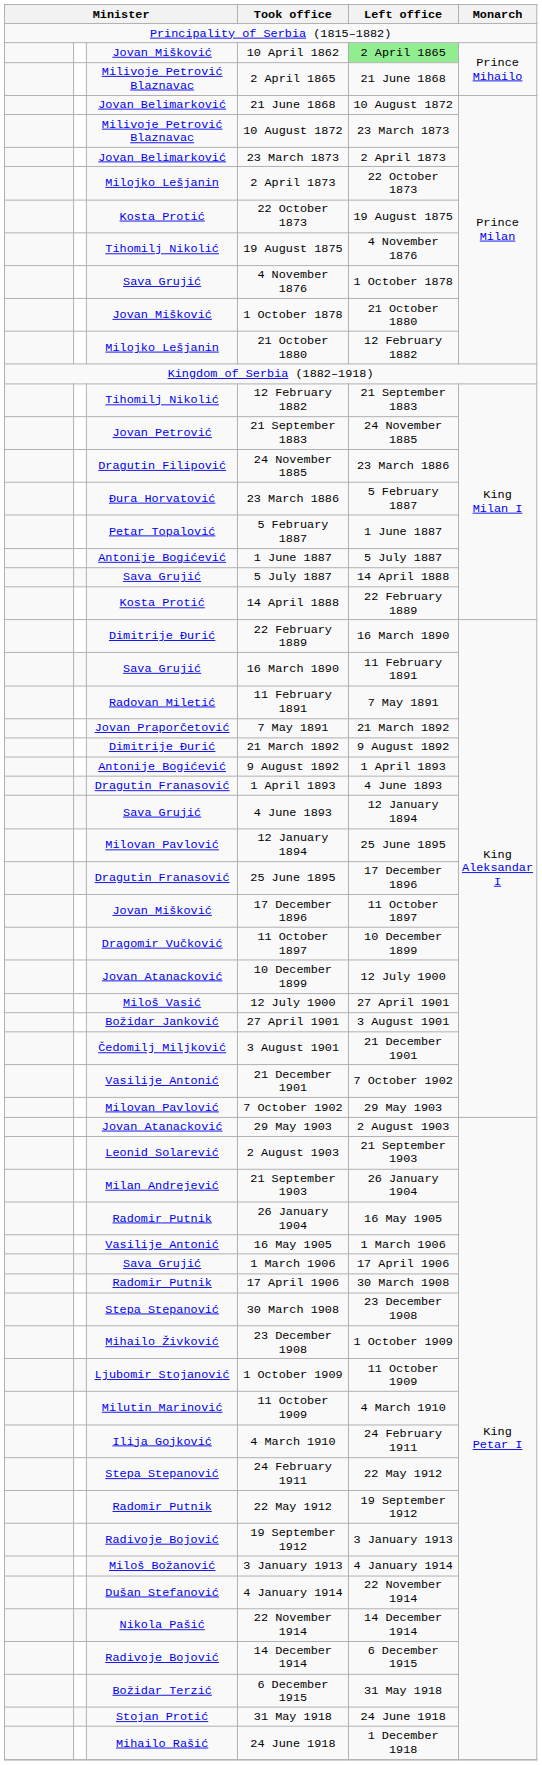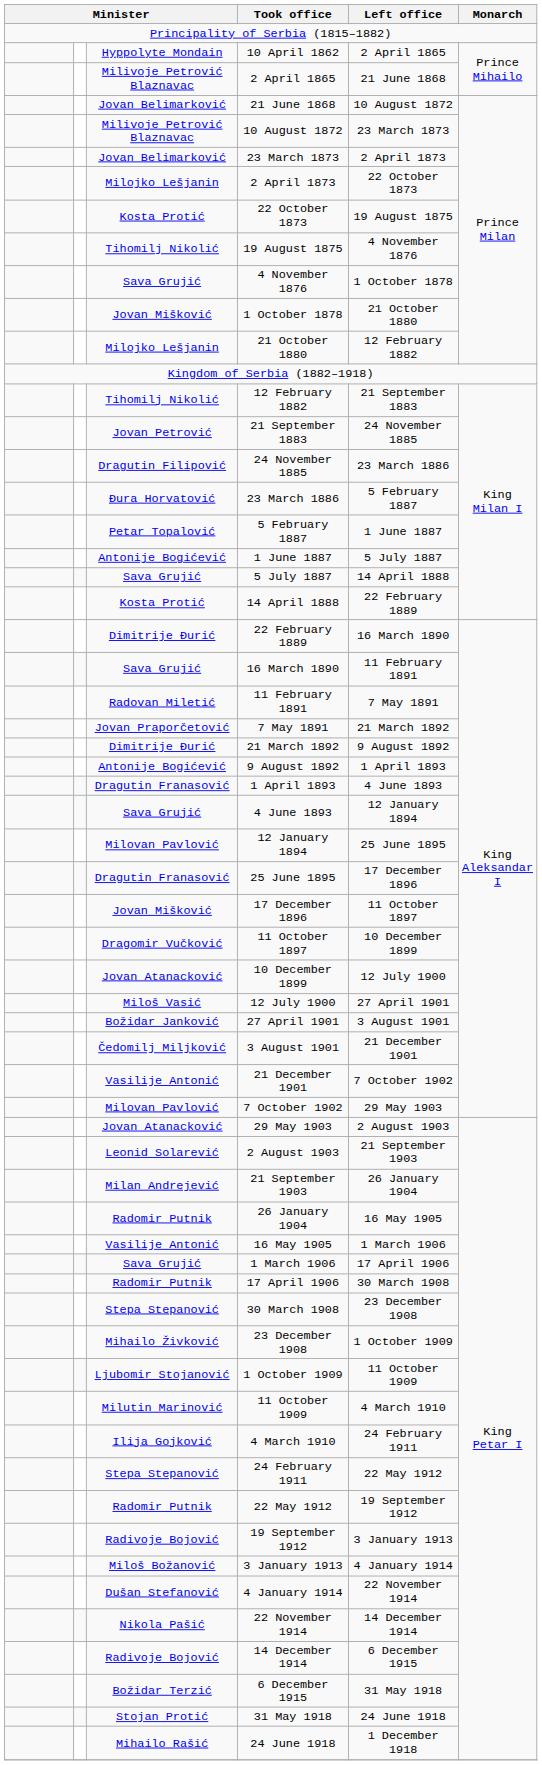 <table class="wikitable" style="text-align:center;">
 <tr>
 <th colspan=3 width="240px">Minister<br></th>
 <th width="115px">Took office</th>
 <th width="115px">Left office</th>
 <th width="80px">Monarch</th>
 </tr>
 <tr>
 <td colspan="9"><a href='#'>Principality of Serbia</a> (1815–1882)</td>
 </tr>
 <tr>
 <td width="70px"></td>
 <td width="5px" style="background: #FFFFFF;"> </td>
-<td width="160px"><a href='#'>Jovan Mišković</a><br></td>
+<td width="160px"><a href='#'>Hyppolyte Mondain</a><br></td>
 <td>10 April 1862</td>
-<td style="background: lightgreen;">2 April 1865</td>
+<td>2 April 1865</td>
 <td rowspan="2">Prince<br><a href='#'>Mihailo</a></td>
 </tr>
 <tr>
 <td width="70px"></td>
 <td width="5px" style="background: #FFFFFF;"> </td>
 <td width="160px"><a href='#'>Milivoje Petrović Blaznavac</a><br></td>
 <td>2 April 1865</td>
 <td>21 June 1868</td>
 </tr>
 <tr>
 <td width="70px"></td>
 <td width="5px" style="background: #FFFFFF;"> </td>
 <td width="160px"><a href='#'>Jovan Belimarković</a><br></td>
 <td>21 June 1868</td>
 <td>10 August 1872</td>
 <td rowspan="9">Prince<br><a href='#'>Milan</a></td>
 </tr>
 <tr>
 <td width="70px"></td>
 <td width="5px" style="background: #FFFFFF;"> </td>
 <td width="160px"><a href='#'>Milivoje Petrović Blaznavac</a><br></td>
 <td>10 August 1872</td>
 <td>23 March 1873</td>
 </tr>
 <tr>
 <td width="70px"></td>
 <td width="5px" style="background: #FFFFFF;"> </td>
 <td width="160px"><a href='#'>Jovan Belimarković</a><br></td>
 <td>23 March 1873</td>
 <td>2 April 1873</td>
 </tr>
 <tr>
 <td width="70px"></td>
 <td width="5px" style="background: #FFFFFF;"> </td>
 <td width="160px"><a href='#'>Milojko Lešjanin</a><br></td>
 <td>2 April 1873</td>
 <td>22 October 1873</td>
 </tr>
 <tr>
 <td width="70px"></td>
 <td width="5px" style="background: #FFFFFF;"> </td>
 <td width="160px"><a href='#'>Kosta Protić</a><br></td>
 <td>22 October 1873</td>
 <td>19 August 1875</td>
 </tr>
 <tr>
 <td width="70px"></td>
 <td width="5px" style="background: #FFFFFF;"> </td>
 <td width="160px"><a href='#'>Tihomilj Nikolić</a><br></td>
 <td>19 August 1875</td>
 <td>4 November 1876</td>
 </tr>
 <tr>
 <td width="70px"></td>
 <td width="5px" style="background: #FFFFFF;"> </td>
 <td width="160px"><a href='#'>Sava Grujić</a><br></td>
 <td>4 November 1876</td>
 <td>1 October 1878</td>
 </tr>
 <tr>
 <td width="70px"></td>
 <td width="5px" style="background: #FFFFFF;"> </td>
 <td width="160px"><a href='#'>Jovan Mišković</a><br></td>
 <td>1 October 1878</td>
 <td>21 October 1880</td>
 </tr>
 <tr>
 <td width="70px"></td>
 <td width="5px" style="background: #FFFFFF;"> </td>
 <td width="160px"><a href='#'>Milojko Lešjanin</a><br></td>
 <td>21 October 1880</td>
 <td>12 February 1882</td>
 </tr>
 <tr>
 <td colspan="9"><a href='#'>Kingdom of Serbia</a> (1882–1918)</td>
 </tr>
 <tr>
 <td width="70px"></td>
 <td width="5px" style="background: #FFFFFF;"> </td>
 <td width="160px"><a href='#'>Tihomilj Nikolić</a><br></td>
 <td>12 February 1882</td>
 <td>21 September 1883</td>
 <td rowspan="8">King<br><a href='#'>Milan I</a></td>
 </tr>
 <tr>
 <td width="70px"></td>
 <td width="5px" style="background: #FFFFFF;"> </td>
 <td width="160px"><a href='#'>Jovan Petrović</a><br></td>
 <td>21 September 1883</td>
 <td>24 November 1885</td>
 </tr>
 <tr>
 <td width="70px"></td>
 <td width="5px" style="background: #FFFFFF;"> </td>
 <td width="160px"><a href='#'>Dragutin Filipović</a><br></td>
 <td>24 November 1885</td>
 <td>23 March 1886</td>
 </tr>
 <tr>
 <td width="70px"></td>
 <td width="5px" style="background: #FFFFFF;"> </td>
 <td width="160px"><a href='#'>Đura Horvatović</a><br></td>
 <td>23 March 1886</td>
 <td>5 February 1887</td>
 </tr>
 <tr>
 <td width="70px"></td>
 <td width="5px" style="background: #FFFFFF;"> </td>
 <td width="160px"><a href='#'>Petar Topalović</a><br></td>
 <td>5 February 1887</td>
 <td>1 June 1887</td>
 </tr>
 <tr>
 <td width="70px"></td>
 <td width="5px" style="background: #FFFFFF;"> </td>
 <td width="160px"><a href='#'>Antonije Bogićević</a><br></td>
 <td>1 June 1887</td>
 <td>5 July 1887</td>
 </tr>
 <tr>
 <td width="70px"></td>
 <td width="5px" style="background: "> </td>
 <td width="160px"><a href='#'>Sava Grujić</a><br></td>
 <td>5 July 1887</td>
 <td>14 April 1888</td>
 </tr>
 <tr>
 <td width="70px"></td>
 <td width="5px" style="background: #FFFFFF;"> </td>
 <td width="160px"><a href='#'>Kosta Protić</a><br></td>
 <td>14 April 1888</td>
 <td>22 February 1889</td>
 </tr>
 <tr>
 <td width="70px"></td>
 <td width="5px" style="background: #FFFFFF;"> </td>
 <td width="160px"><a href='#'>Dimitrije Đurić</a><br></td>
 <td>22 February 1889</td>
 <td>16 March 1890</td>
 <td rowspan="18">King<br><a href='#'>Aleksandar I</a></td>
 </tr>
 <tr>
 <td width="70px"></td>
 <td width="5px" style="background: "> </td>
 <td width="160px"><a href='#'>Sava Grujić</a><br></td>
 <td>16 March 1890</td>
 <td>11 February 1891</td>
 </tr>
 <tr>
 <td width="70px"></td>
 <td width="5px" style="background: #FFFFFF;"> </td>
 <td width="160px"><a href='#'>Radovan Miletić</a><br></td>
 <td>11 February 1891</td>
 <td>7 May 1891</td>
 </tr>
 <tr>
 <td width="70px"></td>
 <td width="5px" style="background: #FFFFFF;"> </td>
 <td width="160px"><a href='#'>Jovan Praporčetović</a><br></td>
 <td>7 May 1891</td>
 <td>21 March 1892</td>
 </tr>
 <tr>
 <td width="70px"></td>
 <td width="5px" style="background: #FFFFFF;"> </td>
 <td width="160px"><a href='#'>Dimitrije Đurić</a><br></td>
 <td>21 March 1892</td>
 <td>9 August 1892</td>
 </tr>
 <tr>
 <td width="70px"></td>
 <td width="5px" style="background: #FFFFFF;"> </td>
 <td width="160px"><a href='#'>Antonije Bogićević</a><br></td>
 <td>9 August 1892</td>
 <td>1 April 1893</td>
 </tr>
 <tr>
 <td width="70px"></td>
 <td width="5px" style="background: "> </td>
 <td width="160px"><a href='#'>Dragutin Franasović</a><br></td>
 <td>1 April 1893</td>
 <td>4 June 1893</td>
 </tr>
 <tr>
 <td width="70px"></td>
 <td width="5px" style="background: "> </td>
 <td width="160px"><a href='#'>Sava Grujić</a><br></td>
 <td>4 June 1893</td>
 <td>12 January 1894</td>
 </tr>
 <tr>
 <td width="70px"></td>
 <td width="5px" style="background: #FFFFFF;"> </td>
 <td width="160px"><a href='#'>Milovan Pavlović</a><br></td>
 <td>12 January 1894</td>
 <td>25 June 1895</td>
 </tr>
 <tr>
 <td width="70px"></td>
 <td width="5px" style="background: "> </td>
 <td width="160px"><a href='#'>Dragutin Franasović</a><br></td>
 <td>25 June 1895</td>
 <td>17 December 1896</td>
 </tr>
 <tr>
 <td width="70px"></td>
 <td width="5px" style="background: #FFFFFF;"> </td>
 <td width="160px"><a href='#'>Jovan Mišković</a><br></td>
 <td>17 December 1896</td>
 <td>11 October 1897</td>
 </tr>
 <tr>
 <td width="70px"></td>
 <td width="5px" style="background: #FFFFFF;"> </td>
 <td width="160px"><a href='#'>Dragomir Vučković</a><br></td>
 <td>11 October 1897</td>
 <td>10 December 1899</td>
 </tr>
 <tr>
 <td width="70px"></td>
 <td width="5px" style="background: #FFFFFF;"> </td>
 <td width="160px"><a href='#'>Jovan Atanacković</a><br></td>
 <td>10 December 1899</td>
 <td>12 July 1900</td>
 </tr>
 <tr>
 <td width="70px"></td>
 <td width="5px" style="background: #FFFFFF;"> </td>
 <td width="160px"><a href='#'>Miloš Vasić</a><br></td>
 <td>12 July 1900</td>
 <td>27 April 1901</td>
 </tr>
 <tr>
 <td width="70px"></td>
 <td width="5px" style="background: #FFFFFF;"> </td>
 <td width="160px"><a href='#'>Božidar Janković</a><br></td>
 <td>27 April 1901</td>
 <td>3 August 1901</td>
 </tr>
 <tr>
 <td width="70px"></td>
 <td width="5px" style="background: #FFFFFF;"> </td>
 <td width="160px"><a href='#'>Čedomilj Miljković</a><br></td>
 <td>3 August 1901</td>
 <td>21 December 1901</td>
 </tr>
 <tr>
 <td width="70px"></td>
 <td width="5px" style="background: #FFFFFF;"> </td>
 <td width="160px"><a href='#'>Vasilije Antonić</a><br></td>
 <td>21 December 1901</td>
 <td>7 October 1902</td>
 </tr>
 <tr>
 <td width="70px"></td>
 <td width="5px" style="background: #FFFFFF;"> </td>
 <td width="160px"><a href='#'>Milovan Pavlović</a><br></td>
 <td>7 October 1902</td>
 <td>29 May 1903</td>
 </tr>
 <tr>
 <td width="70px"></td>
 <td width="5px" style="background: #FFFFFF;"> </td>
 <td width="160px"><a href='#'>Jovan Atanacković</a><br></td>
 <td>29 May 1903</td>
 <td>2 August 1903</td>
 <td rowspan="22">King<br><a href='#'>Petar I</a></td>
 </tr>
 <tr>
 <td width="70px"></td>
 <td width="5px" style="background: #FFFFFF;"> </td>
 <td width="160px"><a href='#'>Leonid Solarević</a><br></td>
 <td>2 August 1903</td>
 <td>21 September 1903</td>
 </tr>
 <tr>
 <td width="70px"></td>
 <td width="5px" style="background: #FFFFFF;"> </td>
 <td width="160px"><a href='#'>Milan Andrejević</a><br></td>
 <td>21 September 1903</td>
 <td>26 January 1904</td>
 </tr>
 <tr>
 <td width="70px"></td>
 <td width="5px" style="background: #FFFFFF;"> </td>
 <td width="160px"><a href='#'>Radomir Putnik</a><br></td>
 <td>26 January 1904</td>
 <td>16 May 1905</td>
 </tr>
 <tr>
 <td width="70px"></td>
 <td width="5px" style="background: #FFFFFF;"> </td>
 <td width="160px"><a href='#'>Vasilije Antonić</a><br></td>
 <td>16 May 1905</td>
 <td>1 March 1906</td>
 </tr>
 <tr>
 <td width="70px"></td>
 <td width="5px" style="background: "> </td>
 <td width="160px"><a href='#'>Sava Grujić</a><br></td>
 <td>1 March 1906</td>
 <td>17 April 1906</td>
 </tr>
 <tr>
 <td width="70px"></td>
 <td width="5px" style="background: #FFFFFF;"> </td>
 <td width="160px"><a href='#'>Radomir Putnik</a><br></td>
 <td>17 April 1906</td>
 <td>30 March 1908</td>
 </tr>
 <tr>
 <td width="70px"></td>
 <td width="5px" style="background: #FFFFFF;"> </td>
 <td width="160px"><a href='#'>Stepa Stepanović</a><br></td>
 <td>30 March 1908</td>
 <td>23 December 1908</td>
 </tr>
 <tr>
 <td width="70px"></td>
 <td width="5px" style="background: #FFFFFF;"> </td>
 <td width="160px"><a href='#'>Mihailo Živković</a><br></td>
 <td>23 December 1908</td>
 <td>1 October 1909</td>
 </tr>
 <tr>
 <td width="70px"></td>
 <td width="5px" style="background: "> </td>
 <td width="160px"><a href='#'>Ljubomir Stojanović</a><br></td>
 <td>1 October 1909</td>
 <td>11 October 1909</td>
 </tr>
 <tr>
 <td width="70px"></td>
 <td width="5px" style="background: #FFFFFF;"> </td>
 <td width="160px"><a href='#'>Milutin Marinović</a><br></td>
 <td>11 October 1909</td>
 <td>4 March 1910</td>
 </tr>
 <tr>
 <td width="70px"></td>
 <td width="5px" style="background: #FFFFFF;"> </td>
 <td width="160px"><a href='#'>Ilija Gojković</a><br></td>
 <td>4 March 1910</td>
 <td>24 February 1911</td>
 </tr>
 <tr>
 <td width="70px"></td>
 <td width="5px" style="background: #FFFFFF;"> </td>
 <td width="160px"><a href='#'>Stepa Stepanović</a><br></td>
 <td>24 February 1911</td>
 <td>22 May 1912</td>
 </tr>
 <tr>
 <td width="70px"></td>
 <td width="5px" style="background: #FFFFFF;"> </td>
 <td width="160px"><a href='#'>Radomir Putnik</a><br></td>
 <td>22 May 1912</td>
 <td>19 September 1912</td>
 </tr>
 <tr>
 <td width="70px"></td>
 <td width="5px" style="background: #FFFFFF;"> </td>
 <td width="160px"><a href='#'>Radivoje Bojović</a><br></td>
 <td>19 September 1912</td>
 <td>3 January 1913</td>
 </tr>
 <tr>
 <td width="70px"></td>
 <td width="5px" style="background: #FFFFFF;"> </td>
 <td width="160px"><a href='#'>Miloš Božanović</a><br></td>
 <td>3 January 1913</td>
 <td>4 January 1914</td>
 </tr>
 <tr>
 <td width="70px"></td>
 <td width="5px" style="background: #FFFFFF;"> </td>
 <td width="160px"><a href='#'>Dušan Stefanović</a><br></td>
 <td>4 January 1914</td>
 <td>22 November 1914</td>
 </tr>
 <tr>
 <td width="70px"></td>
 <td width="5px" style="background: "> </td>
 <td width="160px"><a href='#'>Nikola Pašić</a><br></td>
 <td>22 November 1914</td>
 <td>14 December 1914</td>
 </tr>
 <tr>
 <td width="70px"></td>
 <td width="5px" style="background: #FFFFFF;"> </td>
 <td width="160px"><a href='#'>Radivoje Bojović</a><br></td>
 <td>14 December 1914</td>
 <td>6 December 1915</td>
 </tr>
 <tr>
 <td width="70px"></td>
 <td width="5px" style="background: #FFFFFF;"> </td>
 <td width="160px"><a href='#'>Božidar Terzić</a><br></td>
 <td>6 December 1915</td>
 <td>31 May 1918</td>
 </tr>
 <tr>
 <td width="70px"></td>
 <td width="5px" style="background: "> </td>
 <td width="160px"><a href='#'>Stojan Protić</a><br></td>
 <td>31 May 1918</td>
 <td>24 June 1918</td>
 </tr>
 <tr>
 <td width="70px"></td>
 <td width="5px" style="background: #FFFFFF;"> </td>
 <td width="160px"><a href='#'>Mihailo Rašić</a><br></td>
 <td>24 June 1918</td>
 <td>1 December 1918</td>
 </tr>
 <tr>
 </tr>
 </table>
